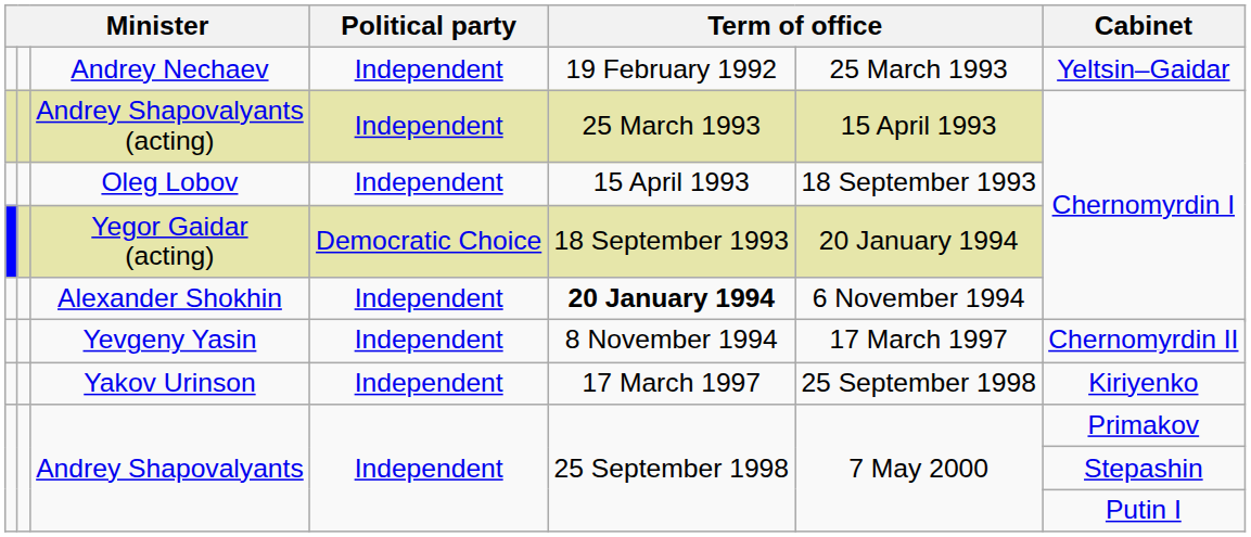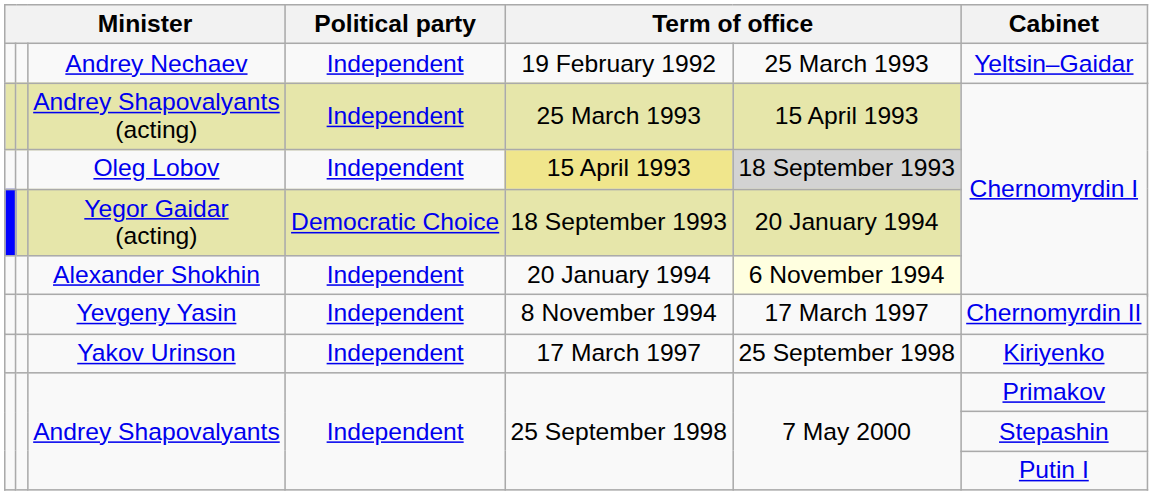 <table class="wikitable" style="text-align:center;">
 <tr>
 <th colspan=3>Minister</th>
 <th>Political party</th>
 <th colspan=2>Term of office</th>
 <th colspan=2>Cabinet</th>
 </tr>
 <tr>
 <td rowspan=2 style="background: "></td>
 <td rowspan=2></td>
 <td rowspan=2><a href='#'>Andrey Nechaev</a></td>
 <td rowspan=2><a href='#'>Independent</a></td>
 <td rowspan=2>19 February 1992</td>
 <td rowspan=2>25 March 1993</td>
 <td><a href='#'>Yeltsin–Gaidar</a></td>
 </tr>
 <tr>
 <td rowspan=6><a href='#'>Chernomyrdin I</a></td>
 </tr>
 <tr bgcolor=#E6E6AA>
 <td style="background: "></td>
 <td></td>
 <td><a href='#'>Andrey Shapovalyants</a><br>(acting)</td>
 <td><a href='#'>Independent</a></td>
 <td>25 March 1993</td>
 <td>15 April 1993</td>
 </tr>
 <tr>
 <td style="background: "></td>
 <td></td>
 <td><a href='#'>Oleg Lobov</a></td>
 <td><a href='#'>Independent</a></td>
-<td>15 April 1993</td>
-<td>18 September 1993</td>
+<td style="background: khaki;">15 April 1993</td>
+<td style="background: lightgrey;">18 September 1993</td>
 </tr>
 <tr bgcolor=#E6E6AA>
 <td style="background: blue;"></td>
 <td></td>
 <td><a href='#'>Yegor Gaidar</a><br>(acting)</td>
 <td><a href='#'>Democratic Choice</a></td>
 <td>18 September 1993</td>
 <td>20 January 1994</td>
 </tr>
 <tr>
 <td style="background: "></td>
 <td></td>
 <td><a href='#'>Alexander Shokhin</a></td>
 <td><a href='#'>Independent</a></td>
-<td><strong>20 January 1994</strong></td>
-<td>6 November 1994</td>
+<td>20 January 1994</td>
+<td style="background: lightyellow;">6 November 1994</td>
 </tr>
 <tr>
 <td rowspan=2 style="background: "></td>
 <td rowspan=2></td>
 <td rowspan=2><a href='#'>Yevgeny Yasin</a></td>
 <td rowspan=2><a href='#'>Independent</a></td>
 <td rowspan=2>8 November 1994</td>
 <td rowspan=2>17 March 1997</td>
 </tr>
 <tr>
 <td rowspan=2><a href='#'>Chernomyrdin II</a></td>
 </tr>
 <tr>
 <td rowspan=2 style="background: "></td>
 <td rowspan=2></td>
 <td rowspan=2><a href='#'>Yakov Urinson</a></td>
 <td rowspan=2><a href='#'>Independent</a></td>
 <td rowspan=2>17 March 1997</td>
 <td rowspan=2>25 September 1998</td>
 </tr>
 <tr>
 <td><a href='#'>Kiriyenko</a></td>
 </tr>
 <tr>
 <td rowspan=3 style="background: "></td>
 <td rowspan=3></td>
 <td rowspan=3><a href='#'>Andrey Shapovalyants</a></td>
 <td rowspan=3><a href='#'>Independent</a></td>
 <td rowspan=3>25 September 1998</td>
 <td rowspan=3>7 May 2000</td>
 <td><a href='#'>Primakov</a></td>
 </tr>
 <tr>
 <td><a href='#'>Stepashin</a></td>
 </tr>
 <tr>
 <td><a href='#'>Putin I</a></td>
 </tr>
 </table>
